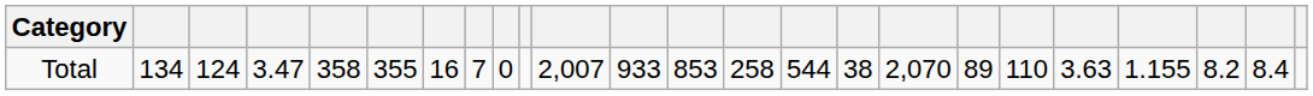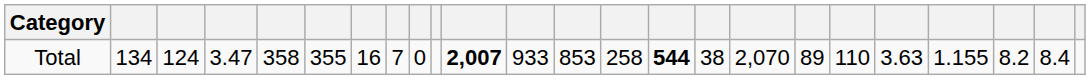 <table class="wikitable"  style="font-size: 95%; text-align:center;">
 <tr>
 <th>Category</th>
 <th></th>
 <th></th>
 <th></th>
 <th></th>
 <th></th>
 <th></th>
 <th></th>
 <th></th>
 <th></th>
 <th></th>
 <th></th>
 <th></th>
 <th></th>
 <th></th>
 <th></th>
 <th></th>
 <th></th>
 <th></th>
 <th></th>
 <th></th>
 <th></th>
 <th></th>
 <th></th>
 </tr>
 <tr>
 <td>Total</td>
 <td>134</td>
 <td>124</td>
 <td>3.47</td>
 <td>358</td>
 <td>355</td>
 <td>16</td>
 <td>7</td>
 <td>0</td>
 <td></td>
-<td>2,007</td>
+<td><strong>2,007</strong></td>
 <td>933</td>
 <td>853</td>
 <td>258</td>
-<td>544</td>
+<td><strong>544</strong></td>
 <td>38</td>
 <td>2,070</td>
 <td>89</td>
 <td>110</td>
 <td>3.63</td>
 <td>1.155</td>
 <td>8.2</td>
 <td>8.4</td>
 <td></td>
 </tr>
 </table>
